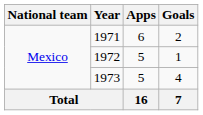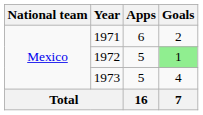 <table class="wikitable" style="text-align:center">
 <tr>
 <th>National team</th>
 <th>Year</th>
 <th>Apps</th>
 <th>Goals</th>
 </tr>
 <tr>
 <td rowspan="3"><a href='#'>Mexico</a></td>
 <td>1971</td>
 <td>6</td>
 <td>2</td>
 </tr>
 <tr>
 <td>1972</td>
 <td>5</td>
-<td>1</td>
+<td style="background: lightgreen;">1</td>
 </tr>
 <tr>
 <td>1973</td>
 <td>5</td>
 <td>4</td>
 </tr>
 <tr>
 <th colspan="2">Total</th>
 <th>16</th>
 <th>7</th>
 </tr>
 </table>
